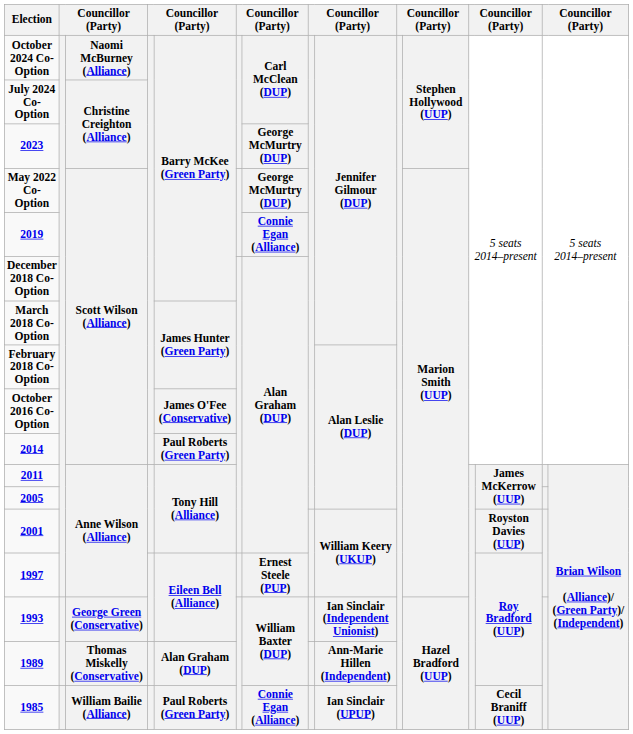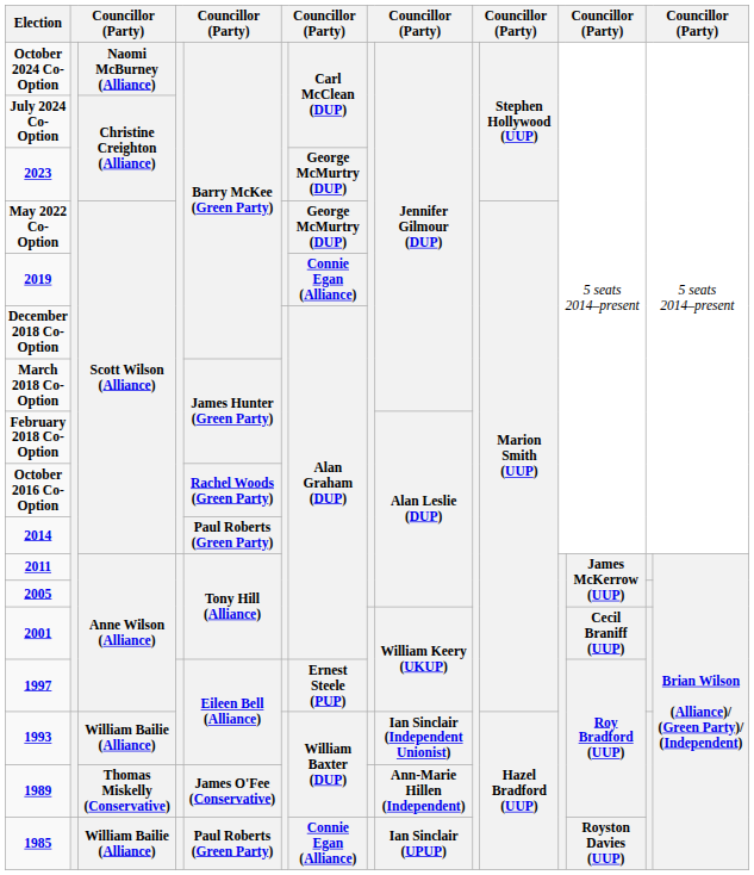 <table class="wikitable" style="text-align:center">
 <tr>
 <th scope="col" width="50">Election</th>
 <th scope="col" width="150" colspan = "2">Councillor<br> (Party)</th>
 <th scope="col" width="150" colspan = "2">Councillor<br> (Party)</th>
 <th scope="col" width="150" colspan = "2">Councillor<br> (Party)</th>
 <th scope="col" width="150" colspan = "2">Councillor<br> (Party)</th>
 <th scope="col" width="150" colspan = "2">Councillor<br> (Party)</th>
 <th scope="col" width="150" colspan = "2">Councillor<br> (Party)</th>
 <th scope="col" width="150" colspan = "2">Councillor<br> (Party)</th>
 </tr>
 <tr>
 <td><strong>October 2024 Co-Option</strong></td>
 <th rowspan="14" width="1" style="background-color: "></th>
 <th rowspan = "1">Naomi McBurney <br> (<a href='#'>Alliance</a>)</th>
 <th rowspan="10" width="1" style="background-color: "></th>
 <th rowspan = "6">Barry McKee <br> (<a href='#'>Green Party</a>)</th>
 <th rowspan="3" width="1" style="background-color: "></th>
 <th rowspan = "2">Carl McClean <br> (<a href='#'>DUP</a>)</th>
 <th rowspan="12" width="1" style="background-color: "></th>
 <th rowspan = "7">Jennifer Gilmour <br> (<a href='#'>DUP</a>)</th>
 <th rowspan="17" width="1" style="background-color: "></th>
 <th rowspan = "3">Stephen Hollywood <br> (<a href='#'>UUP</a>)</th>
 <td colspan="2" rowspan="10" style="background-color:#FFFFFF"><em>5 seats<br>2014–present</em></td>
 <td colspan="2" rowspan="10" style="background-color:#FFFFFF"><em>5 seats<br>2014–present</em></td>
 </tr>
 <tr>
 <td><strong>July 2024 Co-Option</strong></td>
 <th rowspan = "2">Christine Creighton <br> (<a href='#'>Alliance</a>)</th>
 </tr>
 <tr>
 <td><strong><a href='#'>2023</a></strong></td>
 <th rowspan = "1">George McMurtry <br> (<a href='#'>DUP</a>)</th>
 </tr>
 <tr>
 <td><strong>May 2022 Co-Option</strong></td>
 <th rowspan = "7">Scott Wilson <br> (<a href='#'>Alliance</a>)</th>
 <th rowspan="2" width="1" style="background-color: "></th>
 <th rowspan = "1">George McMurtry <br> (<a href='#'>DUP</a>)</th>
 <th rowspan = "11">Marion Smith <br> (<a href='#'>UUP</a>)</th>
 </tr>
 <tr>
 <td><strong><a href='#'>2019</a></strong></td>
 <th rowspan = "1"><a href='#'>Connie Egan</a> <br> (<a href='#'>Alliance</a>)</th>
 </tr>
 <tr>
 <td><strong>December 2018 Co-Option</strong></td>
 <th rowspan="8" width="1" style="background-color: "></th>
 <th rowspan = "8">Alan Graham <br> (<a href='#'>DUP</a>)</th>
 </tr>
 <tr>
 <td><strong>March 2018 Co-Option</strong></td>
 <th rowspan = "2">James Hunter <br> (<a href='#'>Green Party</a>)</th>
 </tr>
 <tr>
 <td><strong>February 2018 Co-Option</strong></td>
 <th rowspan = "5">Alan Leslie <br> (<a href='#'>DUP</a>)</th>
 </tr>
 <tr>
 <td><strong>October 2016 Co-Option</strong></td>
-<th rowspan = "1">James O'Fee <br> (<a href='#'>Conservative</a>)</th>
+<th rowspan = "1"><a href='#'>Rachel Woods</a> <br> (<a href='#'>Green Party</a>)</th>
 </tr>
 <tr>
 <td><strong><a href='#'>2014</a></strong></td>
 <th rowspan = "1">Paul Roberts <br> (<a href='#'>Green Party</a>)</th>
 </tr>
 <tr>
 <td><strong><a href='#'>2011</a></strong></td>
 <th rowspan = "4">Anne Wilson <br> (<a href='#'>Alliance</a>)</th>
 <th rowspan="3" width="1" style="background-color: "></th>
 <th rowspan = "3">Tony Hill <br> (<a href='#'>Alliance</a>)</th>
 <th rowspan="7" width="1" style="background-color: "></th>
 <th rowspan = "2">James McKerrow <br> (<a href='#'>UUP</a>)</th>
 <th rowspan="1" width="1" style="background-color: "></th>
 <th rowspan = "7"><a href='#'>Brian Wilson</a> <br><br>(<a href='#'>Alliance</a>)/ <br>(<a href='#'>Green Party</a>)/ <br> (<a href='#'>Independent</a>)</th>
 </tr>
 <tr>
 <td><strong><a href='#'>2005</a></strong></td>
 <th rowspan="1" width="1" style="background-color: "></th>
 </tr>
 <tr>
 <td><strong><a href='#'>2001</a></strong></td>
 <th rowspan="2" width="1" style="background-color: "></th>
 <th rowspan = "2">William Keery <br> (<a href='#'>UKUP</a>)</th>
-<th rowspan = "1">Royston Davies <br> (<a href='#'>UUP</a>)</th>
+<th rowspan = "1">Cecil Braniff <br> (<a href='#'>UUP</a>)</th>
 <th rowspan="2" width="1" style="background-color: "></th>
 </tr>
 <tr>
 <td><strong><a href='#'>1997</a></strong></td>
 <th rowspan="2" width="1" style="background-color: "></th>
 <th rowspan = "2"><a href='#'>Eileen Bell</a> <br> (<a href='#'>Alliance</a>)</th>
 <th rowspan="1" width="1" style="background-color: "></th>
 <th rowspan = "1">Ernest Steele <br> (<a href='#'>PUP</a>)</th>
 <th rowspan = "3"><a href='#'>Roy Bradford</a> <br> (<a href='#'>UUP</a>)</th>
 </tr>
 <tr>
 <td><strong><a href='#'>1993</a></strong></td>
 <th rowspan="2" width="1" style="background-color: "></th>
-<th rowspan = "1"><a href='#'>George Green</a> <br> (<a href='#'>Conservative</a>)</th>
+<th rowspan = "1">William Bailie <br> (<a href='#'>Alliance</a>)</th>
 <th rowspan="3" width="1" style="background-color: "></th>
 <th rowspan = "2">William Baxter <br> (<a href='#'>DUP</a>)</th>
 <th rowspan="1" width="1" style="background-color: "></th>
 <th rowspan = "1">Ian Sinclair <br> (<a href='#'>Independent Unionist</a>)</th>
 <th rowspan = "3">Hazel Bradford <br> (<a href='#'>UUP</a>)</th>
 <th rowspan="3" width="1" style="background-color: "></th>
 </tr>
 <tr>
 <td><strong><a href='#'>1989</a></strong></td>
 <th rowspan = "1">Thomas Miskelly <br> (<a href='#'>Conservative</a>)</th>
 <th rowspan="1" width="1" style="background-color: "></th>
-<th rowspan = "1">Alan Graham <br> (<a href='#'>DUP</a>)</th>
+<th rowspan = "1">James O'Fee <br> (<a href='#'>Conservative</a>)</th>
 <th rowspan="1" width="1" style="background-color: "></th>
 <th rowspan = "1">Ann-Marie Hillen <br> (<a href='#'>Independent</a>)</th>
 </tr>
 <tr>
 <td><strong><a href='#'>1985</a></strong></td>
 <th rowspan="1" width="1" style="background-color: "></th>
 <th rowspan = "1">William Bailie <br> (<a href='#'>Alliance</a>)</th>
 <th rowspan="1" width="1" style="background-color: "></th>
 <th rowspan = "1">Paul Roberts <br> (<a href='#'>Green Party</a>)</th>
 <th rowspan = "1"><a href='#'>Connie Egan</a> <br> (<a href='#'>Alliance</a>)</th>
 <th rowspan="1" width="1" style="background-color: "></th>
 <th rowspan = "1">Ian Sinclair <br> (<a href='#'>UPUP</a>)</th>
-<th rowspan = "1">Cecil Braniff <br> (<a href='#'>UUP</a>)</th>
+<th rowspan = "1">Royston Davies <br> (<a href='#'>UUP</a>)</th>
 </tr>
 </table>
